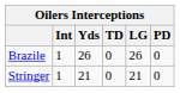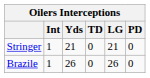 <table class="wikitable">
 <tr>
 <th colspan="6">Oilers Interceptions</th>
 </tr>
 <tr>
 <th></th>
 <th>Int</th>
 <th>Yds</th>
 <th>TD</th>
 <th>LG</th>
 <th>PD</th>
 </tr>
 <tr>
+<td><a href='#'>Stringer</a></td>
+<td>1</td>
+<td>21</td>
+<td>0</td>
+<td>21</td>
+<td>0</td>
+</tr>
+<tr>
 <td><a href='#'>Brazile</a></td>
 <td>1</td>
 <td>26</td>
 <td>0</td>
 <td>26</td>
 <td>0</td>
 </tr>
-<tr>
-<td><a href='#'>Stringer</a></td>
-<td>1</td>
-<td>21</td>
-<td>0</td>
-<td>21</td>
-<td>0</td>
-</tr>
 </table>
